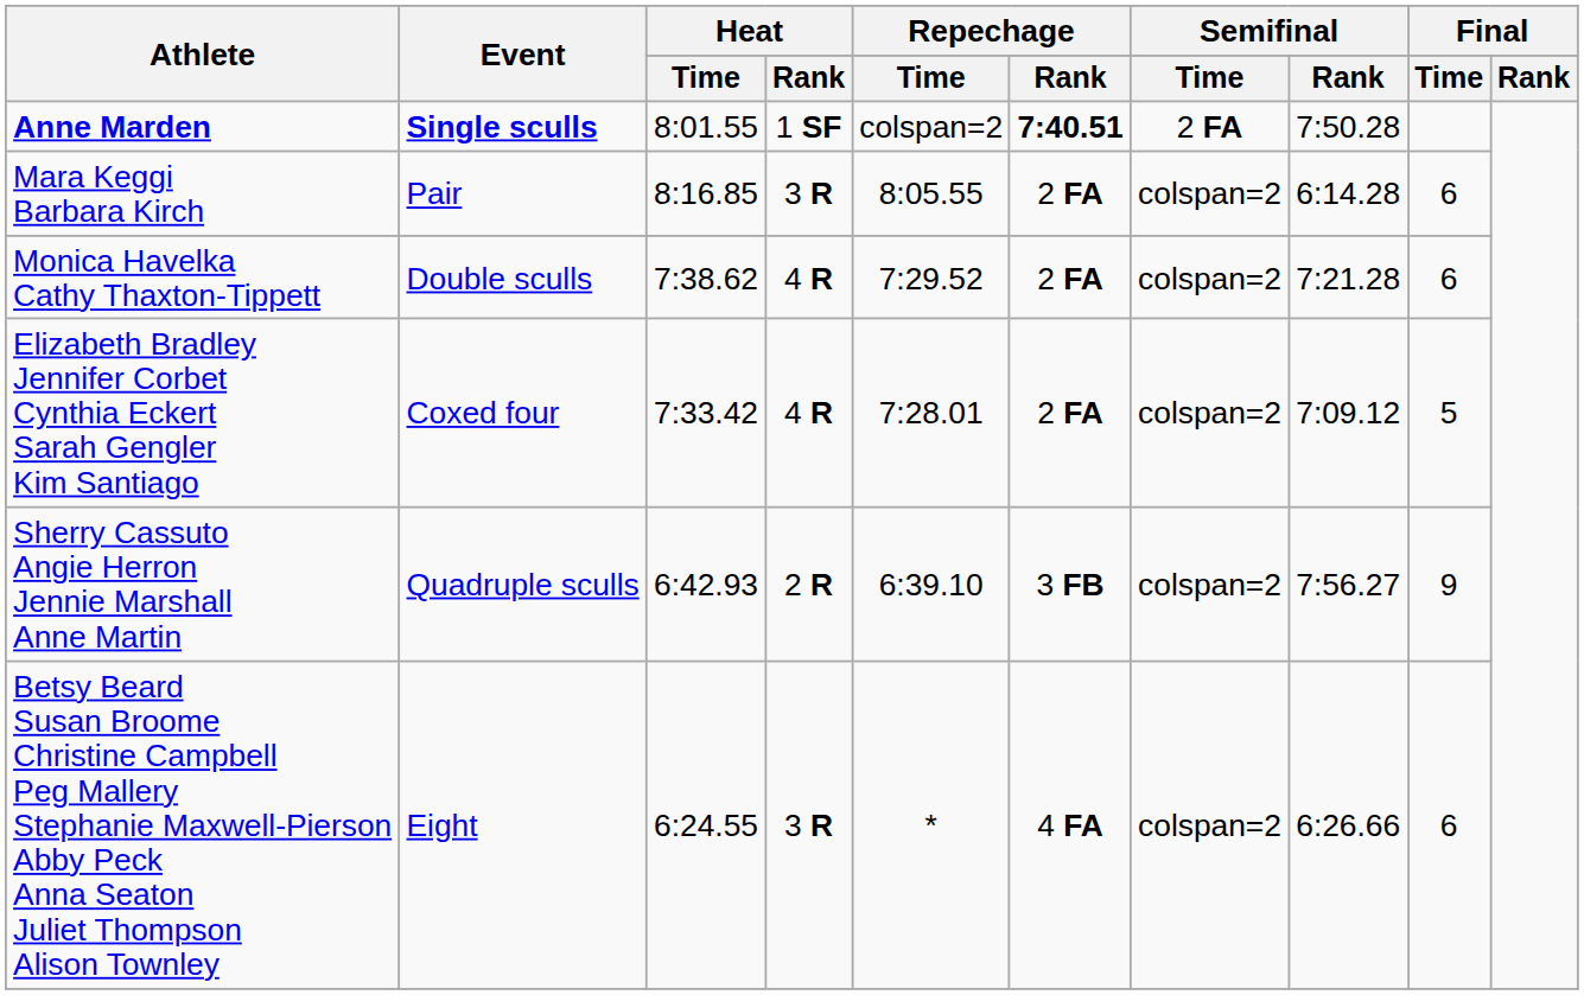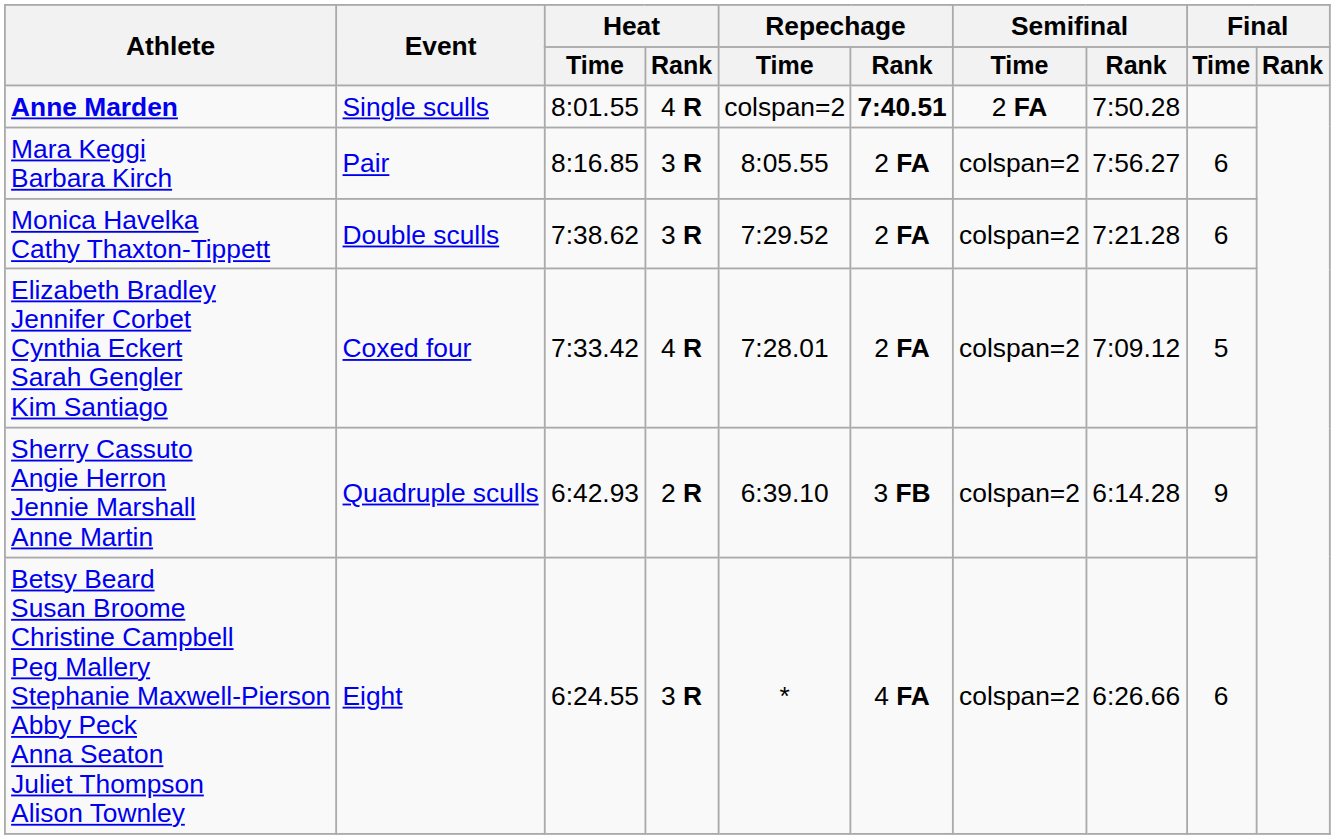 <table class=wikitable style=font-size:90%;text-align:center>
 <tr>
 <th rowspan=2>Athlete</th>
 <th rowspan=2>Event</th>
 <th colspan=2>Heat</th>
 <th colspan=2>Repechage</th>
 <th colspan=2>Semifinal</th>
 <th colspan=2>Final</th>
 </tr>
 <tr style=font-size:95%>
 <th>Time</th>
 <th>Rank</th>
 <th>Time</th>
 <th>Rank</th>
 <th>Time</th>
 <th>Rank</th>
 <th>Time</th>
 <th>Rank</th>
 </tr>
 <tr>
 <td align=left><strong><a href='#'>Anne Marden</a></strong></td>
-<td align=left><strong><a href='#'>Single sculls</a></strong></td>
+<td align=left><a href='#'>Single sculls</a></td>
 <td>8:01.55</td>
-<td>1 <strong>SF</strong></td>
+<td>4 <strong>R</strong></td>
 <td>colspan=2 </td>
 <td><strong>7:40.51</strong></td>
 <td>2 <strong>FA</strong></td>
 <td>7:50.28</td>
 <td></td>
 </tr>
 <tr>
 <td align=left><a href='#'>Mara Keggi</a><br><a href='#'>Barbara Kirch</a></td>
 <td align=left><a href='#'>Pair</a></td>
 <td>8:16.85</td>
 <td>3 <strong>R</strong></td>
 <td>8:05.55</td>
 <td>2 <strong>FA</strong></td>
 <td>colspan=2 </td>
-<td>6:14.28</td>
+<td>7:56.27</td>
 <td>6</td>
 </tr>
 <tr>
 <td align=left><a href='#'>Monica Havelka</a><br><a href='#'>Cathy Thaxton-Tippett</a></td>
 <td align=left><a href='#'>Double sculls</a></td>
 <td>7:38.62</td>
-<td>4 <strong>R</strong></td>
+<td>3 <strong>R</strong></td>
 <td>7:29.52</td>
 <td>2 <strong>FA</strong></td>
 <td>colspan=2 </td>
 <td>7:21.28</td>
 <td>6</td>
 </tr>
 <tr>
 <td align=left><a href='#'>Elizabeth Bradley</a><br><a href='#'>Jennifer Corbet</a><br><a href='#'>Cynthia Eckert</a><br><a href='#'>Sarah Gengler</a><br><a href='#'>Kim Santiago</a></td>
 <td align=left><a href='#'>Coxed four</a></td>
 <td>7:33.42</td>
 <td>4 <strong>R</strong></td>
 <td>7:28.01</td>
 <td>2 <strong>FA</strong></td>
 <td>colspan=2 </td>
 <td>7:09.12</td>
 <td>5</td>
 </tr>
 <tr>
 <td align=left><a href='#'>Sherry Cassuto</a><br><a href='#'>Angie Herron</a><br><a href='#'>Jennie Marshall</a><br><a href='#'>Anne Martin</a></td>
 <td align=left><a href='#'>Quadruple sculls</a></td>
 <td>6:42.93</td>
 <td>2 <strong>R</strong></td>
 <td>6:39.10</td>
 <td>3 <strong>FB</strong></td>
 <td>colspan=2 </td>
-<td>7:56.27</td>
+<td>6:14.28</td>
 <td>9</td>
 </tr>
 <tr>
 <td align=left><a href='#'>Betsy Beard</a><br><a href='#'>Susan Broome</a><br><a href='#'>Christine Campbell</a><br><a href='#'>Peg Mallery</a><br><a href='#'>Stephanie Maxwell-Pierson</a><br><a href='#'>Abby Peck</a><br><a href='#'>Anna Seaton</a><br><a href='#'>Juliet Thompson</a><br><a href='#'>Alison Townley</a></td>
 <td align=left><a href='#'>Eight</a></td>
 <td>6:24.55</td>
 <td>3 <strong>R</strong></td>
 <td>*</td>
 <td>4 <strong>FA</strong></td>
 <td>colspan=2 </td>
 <td>6:26.66</td>
 <td>6</td>
 </tr>
 </table>
